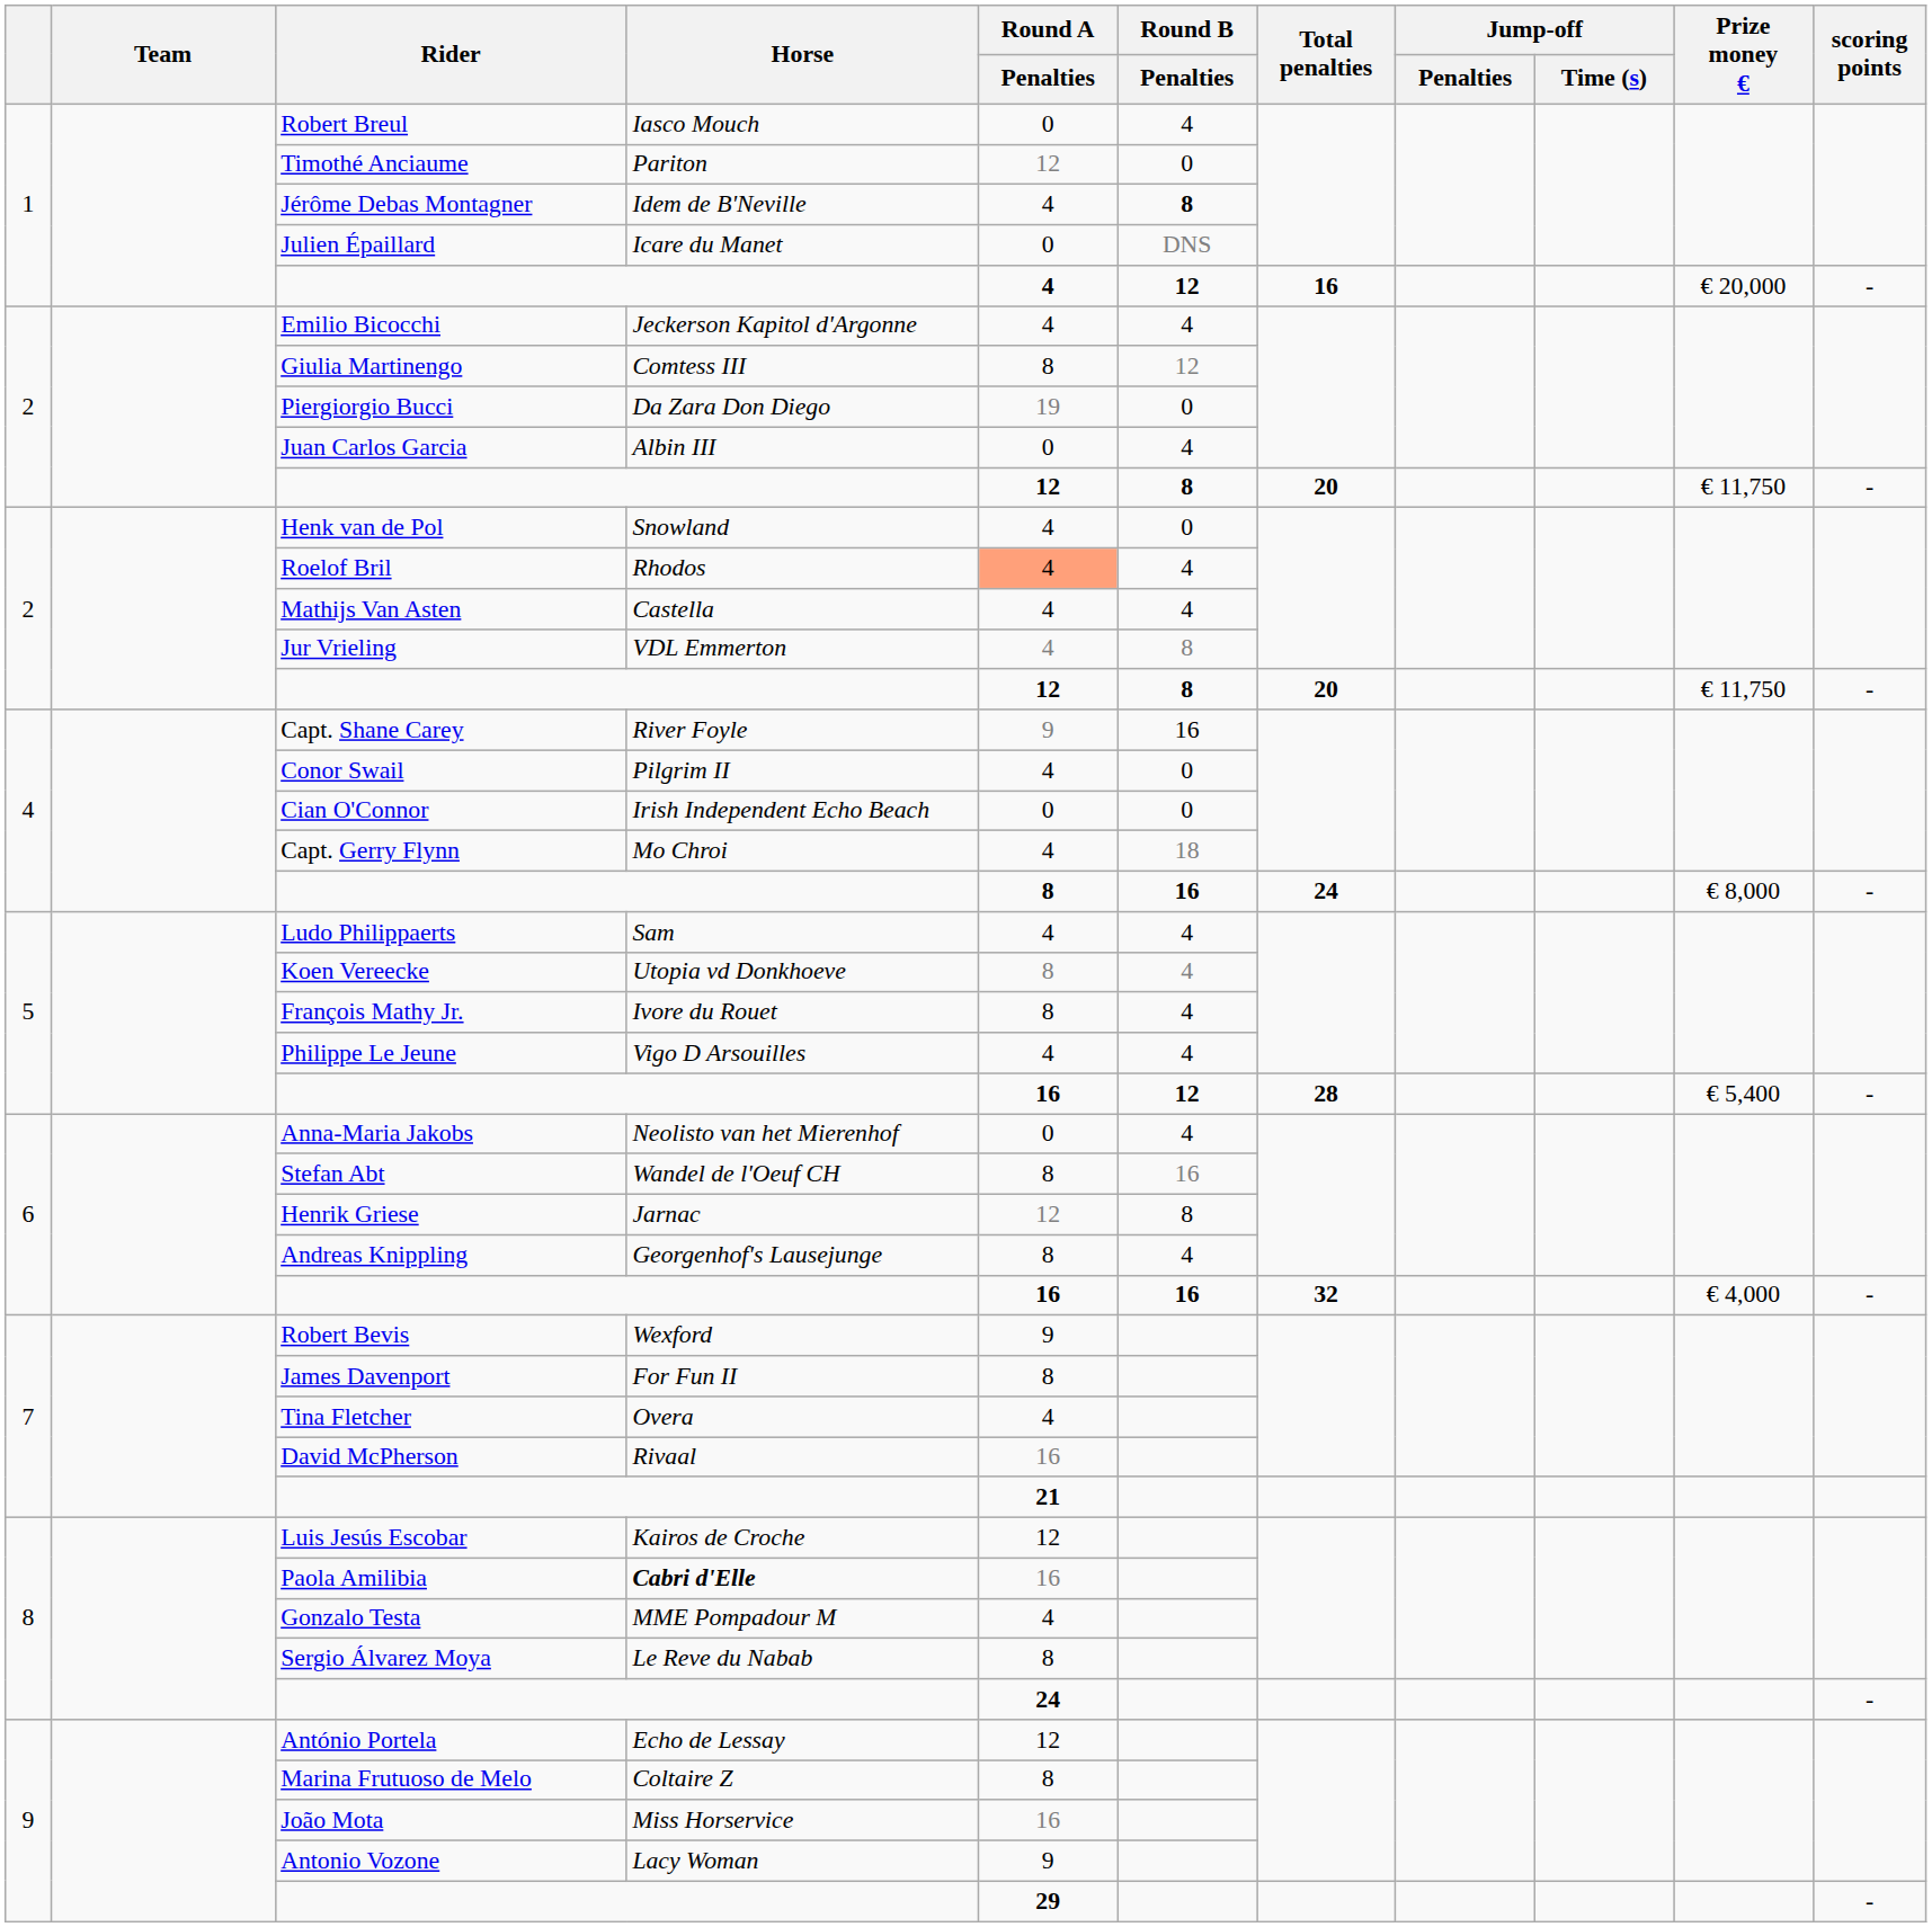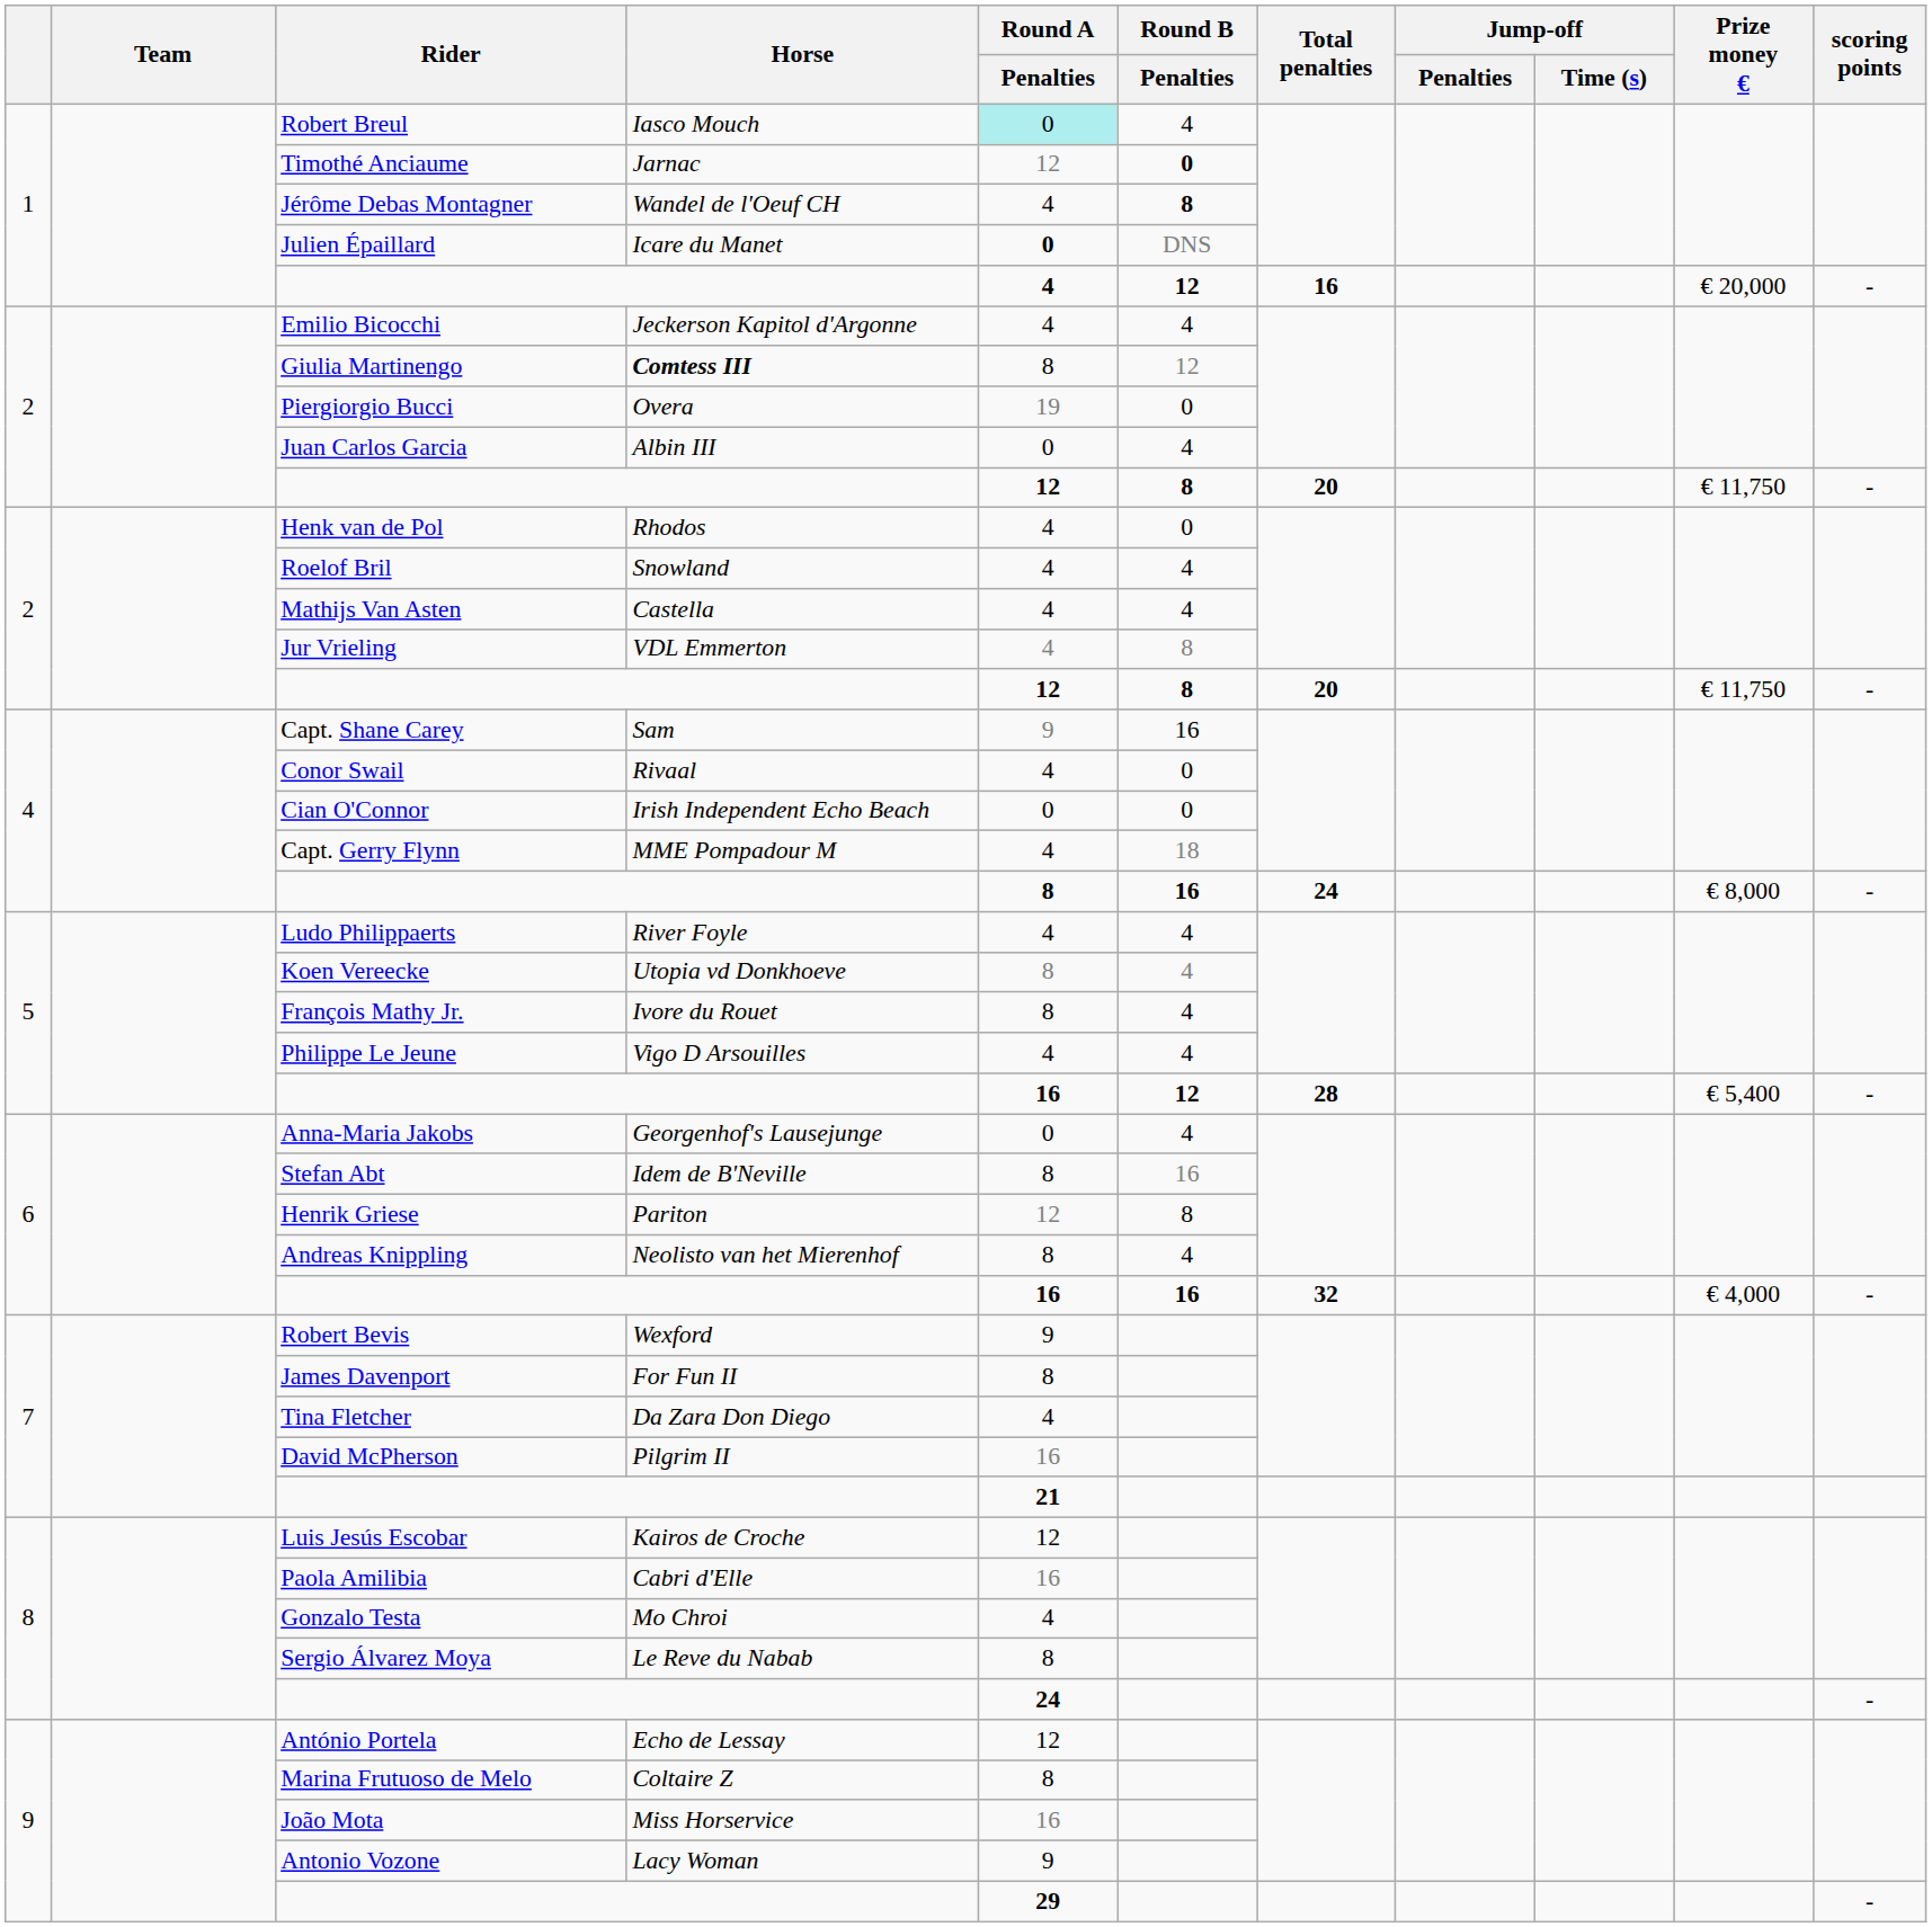 <table class="wikitable" style="font-size: 90%">
 <tr>
 <th rowspan=2 width=20></th>
 <th rowspan=2 width=125>Team</th>
 <th rowspan=2 width=200>Rider</th>
 <th rowspan=2 width=200>Horse</th>
 <th>Round A</th>
 <th>Round B</th>
 <th rowspan=2 width=75>Total penalties</th>
 <th colspan=2>Jump-off</th>
 <th rowspan=2 width=75>Prize money<br><a href='#'>€</a></th>
 <th rowspan=2 width=60>scoring<br>points</th>
 </tr>
 <tr>
 <th width=75>Penalties</th>
 <th width=75>Penalties</th>
 <th width=75>Penalties</th>
 <th width=75>Time (<a href='#'>s</a>)</th>
 </tr>
 <tr>
 <td rowspan=5 align=center>1</td>
 <td rowspan=5></td>
 <td><a href='#'>Robert Breul</a></td>
 <td><em>Iasco Mouch</em></td>
-<td align=center>0</td>
+<td align=center style="background: paleturquoise;">0</td>
 <td align=center>4</td>
 <td rowspan=4></td>
 <td rowspan=4></td>
 <td rowspan=4></td>
 <td rowspan=4></td>
 <td rowspan=4></td>
 </tr>
 <tr>
 <td><a href='#'>Timothé Anciaume</a></td>
-<td><em>Pariton</em></td>
+<td><em>Jarnac</em></td>
 <td align=center style=color:gray>12</td>
-<td align=center>0</td>
+<td align=center><strong>0</strong></td>
 </tr>
 <tr>
 <td><a href='#'>Jérôme Debas Montagner</a></td>
-<td><em>Idem de B'Neville</em></td>
+<td><em>Wandel de l'Oeuf CH</em></td>
 <td align=center>4</td>
 <td align=center><strong>8</strong></td>
 </tr>
 <tr>
 <td><a href='#'>Julien Épaillard</a></td>
 <td><em>Icare du Manet</em></td>
-<td align=center>0</td>
+<td align=center><strong>0</strong></td>
 <td align=center style=color:gray>DNS</td>
 </tr>
 <tr>
 <td colspan=2></td>
 <td align=center><strong>4</strong></td>
 <td align=center><strong>12</strong></td>
 <td align=center><strong>16</strong></td>
 <td></td>
 <td></td>
 <td align=center>€ 20,000</td>
 <td align=center>-</td>
 </tr>
 <tr>
 <td rowspan=5 align=center>2</td>
 <td rowspan=5></td>
 <td><a href='#'>Emilio Bicocchi</a></td>
 <td><em>Jeckerson Kapitol d'Argonne</em></td>
 <td align=center>4</td>
 <td align=center>4</td>
 <td rowspan=4></td>
 <td rowspan=4></td>
 <td rowspan=4></td>
 <td rowspan=4></td>
 <td rowspan=4></td>
 </tr>
 <tr>
 <td><a href='#'>Giulia Martinengo</a></td>
-<td><em>Comtess III</em></td>
+<td><strong><em>Comtess III</em></strong></td>
 <td align=center>8</td>
 <td align=center style=color:gray>12</td>
 </tr>
 <tr>
 <td><a href='#'>Piergiorgio Bucci</a></td>
-<td><em>Da Zara Don Diego</em></td>
+<td><em>Overa</em></td>
 <td align=center style=color:gray>19</td>
 <td align=center>0</td>
 </tr>
 <tr>
 <td><a href='#'>Juan Carlos Garcia</a></td>
 <td><em>Albin III</em></td>
 <td align=center>0</td>
 <td align=center>4</td>
 </tr>
 <tr>
 <td colspan=2></td>
 <td align=center><strong>12</strong></td>
 <td align=center><strong>8</strong></td>
 <td align=center><strong>20</strong></td>
 <td></td>
 <td></td>
 <td align=center>€ 11,750</td>
 <td align=center>-</td>
 </tr>
 <tr>
 <td rowspan=5 align=center>2</td>
 <td rowspan=5></td>
 <td><a href='#'>Henk van de Pol</a></td>
-<td><em>Snowland</em></td>
+<td><em>Rhodos</em></td>
 <td align=center>4</td>
 <td align=center>0</td>
 <td rowspan=4></td>
 <td rowspan=4></td>
 <td rowspan=4></td>
 <td rowspan=4></td>
 <td rowspan=4></td>
 </tr>
 <tr>
 <td><a href='#'>Roelof Bril</a></td>
-<td><em>Rhodos</em></td>
-<td align=center style="background: lightsalmon;">4</td>
+<td><em>Snowland</em></td>
+<td align=center>4</td>
 <td align=center>4</td>
 </tr>
 <tr>
 <td><a href='#'>Mathijs Van Asten</a></td>
 <td><em>Castella</em></td>
 <td align=center>4</td>
 <td align=center>4</td>
 </tr>
 <tr>
 <td><a href='#'>Jur Vrieling</a></td>
 <td><em>VDL Emmerton</em></td>
 <td align=center style=color:gray>4</td>
 <td align=center style=color:gray>8</td>
 </tr>
 <tr>
 <td colspan=2></td>
 <td align=center><strong>12</strong></td>
 <td align=center><strong>8</strong></td>
 <td align=center><strong>20</strong></td>
 <td></td>
 <td></td>
 <td align=center>€ 11,750</td>
 <td align=center>-</td>
 </tr>
 <tr>
 <td rowspan=5 align=center>4</td>
 <td rowspan=5></td>
 <td>Capt. <a href='#'>Shane Carey</a></td>
-<td><em>River Foyle</em></td>
+<td><em>Sam</em></td>
 <td align=center style=color:gray>9</td>
 <td align=center>16</td>
 <td rowspan=4></td>
 <td rowspan=4></td>
 <td rowspan=4></td>
 <td rowspan=4></td>
 <td rowspan=4></td>
 </tr>
 <tr>
 <td><a href='#'>Conor Swail</a></td>
-<td><em>Pilgrim II</em></td>
+<td><em>Rivaal</em></td>
 <td align=center>4</td>
 <td align=center>0</td>
 </tr>
 <tr>
 <td><a href='#'>Cian O'Connor</a></td>
 <td><em>Irish Independent Echo Beach</em></td>
 <td align=center>0</td>
 <td align=center>0</td>
 </tr>
 <tr>
 <td>Capt. <a href='#'>Gerry Flynn</a></td>
-<td><em>Mo Chroi</em></td>
+<td><em>MME Pompadour M</em></td>
 <td align=center>4</td>
 <td align=center style=color:gray>18</td>
 </tr>
 <tr>
 <td colspan=2></td>
 <td align=center><strong>8</strong></td>
 <td align=center><strong>16</strong></td>
 <td align=center><strong>24</strong></td>
 <td></td>
 <td></td>
 <td align=center>€ 8,000</td>
 <td align=center>-</td>
 </tr>
 <tr>
 <td rowspan=5 align=center>5</td>
 <td rowspan=5></td>
 <td><a href='#'>Ludo Philippaerts</a></td>
-<td><em>Sam</em></td>
+<td><em>River Foyle</em></td>
 <td align=center>4</td>
 <td align=center>4</td>
 <td rowspan=4></td>
 <td rowspan=4></td>
 <td rowspan=4></td>
 <td rowspan=4></td>
 <td rowspan=4></td>
 </tr>
 <tr>
 <td><a href='#'>Koen Vereecke</a></td>
 <td><em>Utopia vd Donkhoeve</em></td>
 <td align=center style=color:gray>8</td>
 <td align=center style=color:gray>4</td>
 </tr>
 <tr>
 <td><a href='#'>François Mathy Jr.</a></td>
 <td><em>Ivore du Rouet</em></td>
 <td align=center>8</td>
 <td align=center>4</td>
 </tr>
 <tr>
 <td><a href='#'>Philippe Le Jeune</a></td>
 <td><em>Vigo D Arsouilles</em></td>
 <td align=center>4</td>
 <td align=center>4</td>
 </tr>
 <tr>
 <td colspan=2></td>
 <td align=center><strong>16</strong></td>
 <td align=center><strong>12</strong></td>
 <td align=center><strong>28</strong></td>
 <td align=center></td>
 <td align=center></td>
 <td align=center>€ 5,400</td>
 <td align=center>-</td>
 </tr>
 <tr>
 <td rowspan=5 align=center>6</td>
 <td rowspan=5></td>
 <td><a href='#'>Anna-Maria Jakobs</a></td>
-<td><em>Neolisto van het Mierenhof</em></td>
+<td><em>Georgenhof's Lausejunge</em></td>
 <td align=center>0</td>
 <td align=center>4</td>
 <td rowspan=4></td>
 <td rowspan=4></td>
 <td rowspan=4></td>
 <td rowspan=4></td>
 <td rowspan=4></td>
 </tr>
 <tr>
 <td><a href='#'>Stefan Abt</a></td>
-<td><em>Wandel de l'Oeuf CH</em></td>
+<td><em>Idem de B'Neville</em></td>
 <td align=center>8</td>
 <td align=center style=color:gray>16</td>
 </tr>
 <tr>
 <td><a href='#'>Henrik Griese</a></td>
-<td><em>Jarnac</em></td>
+<td><em>Pariton</em></td>
 <td align=center style=color:gray>12</td>
 <td align=center>8</td>
 </tr>
 <tr>
 <td><a href='#'>Andreas Knippling</a></td>
-<td><em>Georgenhof's Lausejunge</em></td>
+<td><em>Neolisto van het Mierenhof</em></td>
 <td align=center>8</td>
 <td align=center>4</td>
 </tr>
 <tr>
 <td colspan=2></td>
 <td align=center><strong>16</strong></td>
 <td align=center><strong>16</strong></td>
 <td align=center><strong>32</strong></td>
 <td></td>
 <td></td>
 <td align=center>€ 4,000</td>
 <td align=center>-</td>
 </tr>
 <tr>
 <td rowspan=5 align=center>7</td>
 <td rowspan=5></td>
 <td><a href='#'>Robert Bevis</a></td>
 <td><em>Wexford</em></td>
 <td align=center>9</td>
 <td></td>
 <td rowspan=4></td>
 <td rowspan=4></td>
 <td rowspan=4></td>
 <td rowspan=4></td>
 <td rowspan=4></td>
 </tr>
 <tr>
 <td><a href='#'>James Davenport</a></td>
 <td><em>For Fun II</em></td>
 <td align=center>8</td>
 <td></td>
 </tr>
 <tr>
 <td><a href='#'>Tina Fletcher</a></td>
-<td><em>Overa</em></td>
+<td><em>Da Zara Don Diego</em></td>
 <td align=center>4</td>
 <td></td>
 </tr>
 <tr>
 <td><a href='#'>David McPherson</a></td>
-<td><em>Rivaal</em></td>
+<td><em>Pilgrim II</em></td>
 <td align=center style=color:gray>16</td>
 <td></td>
 </tr>
 <tr>
 <td colspan=2></td>
 <td align=center><strong>21</strong></td>
 <td></td>
 <td></td>
 <td></td>
 <td></td>
 <td align=center></td>
 <td align=center></td>
 </tr>
 <tr>
 <td rowspan=5 align=center>8</td>
 <td rowspan=5></td>
 <td><a href='#'>Luis Jesús Escobar</a></td>
 <td><em>Kairos de Croche</em></td>
 <td align=center>12</td>
 <td></td>
 <td rowspan=4></td>
 <td rowspan=4></td>
 <td rowspan=4></td>
 <td rowspan=4></td>
 <td rowspan=4></td>
 </tr>
 <tr>
 <td><a href='#'>Paola Amilibia</a></td>
-<td><strong><em>Cabri d'Elle</em></strong></td>
+<td><em>Cabri d'Elle</em></td>
 <td align=center style=color:gray>16</td>
 <td></td>
 </tr>
 <tr>
 <td><a href='#'>Gonzalo Testa</a></td>
-<td><em>MME Pompadour M</em></td>
+<td><em>Mo Chroi</em></td>
 <td align=center>4</td>
 <td></td>
 </tr>
 <tr>
 <td><a href='#'>Sergio Álvarez Moya</a></td>
 <td><em>Le Reve du Nabab</em></td>
 <td align=center>8</td>
 <td></td>
 </tr>
 <tr>
 <td colspan=2></td>
 <td align=center><strong>24</strong></td>
 <td></td>
 <td></td>
 <td></td>
 <td></td>
 <td align=center></td>
 <td align=center>-</td>
 </tr>
 <tr>
 <td rowspan=5 align=center>9</td>
 <td rowspan=5></td>
 <td><a href='#'>António Portela</a></td>
 <td><em>Echo de Lessay</em></td>
 <td align=center>12</td>
 <td></td>
 <td rowspan=4></td>
 <td rowspan=4></td>
 <td rowspan=4></td>
 <td rowspan=4></td>
 <td rowspan=4></td>
 </tr>
 <tr>
 <td><a href='#'>Marina Frutuoso de Melo</a></td>
 <td><em>Coltaire Z</em></td>
 <td align=center>8</td>
 <td></td>
 </tr>
 <tr>
 <td><a href='#'>João Mota</a></td>
 <td><em>Miss Horservice</em></td>
 <td align=center style=color:gray>16</td>
 <td></td>
 </tr>
 <tr>
 <td><a href='#'>Antonio Vozone</a></td>
 <td><em>Lacy Woman</em></td>
 <td align=center>9</td>
 <td></td>
 </tr>
 <tr>
 <td colspan=2></td>
 <td align=center><strong>29</strong></td>
 <td></td>
 <td></td>
 <td></td>
 <td></td>
 <td></td>
 <td align=center>-</td>
 </tr>
 <tr>
 </tr>
 </table>
